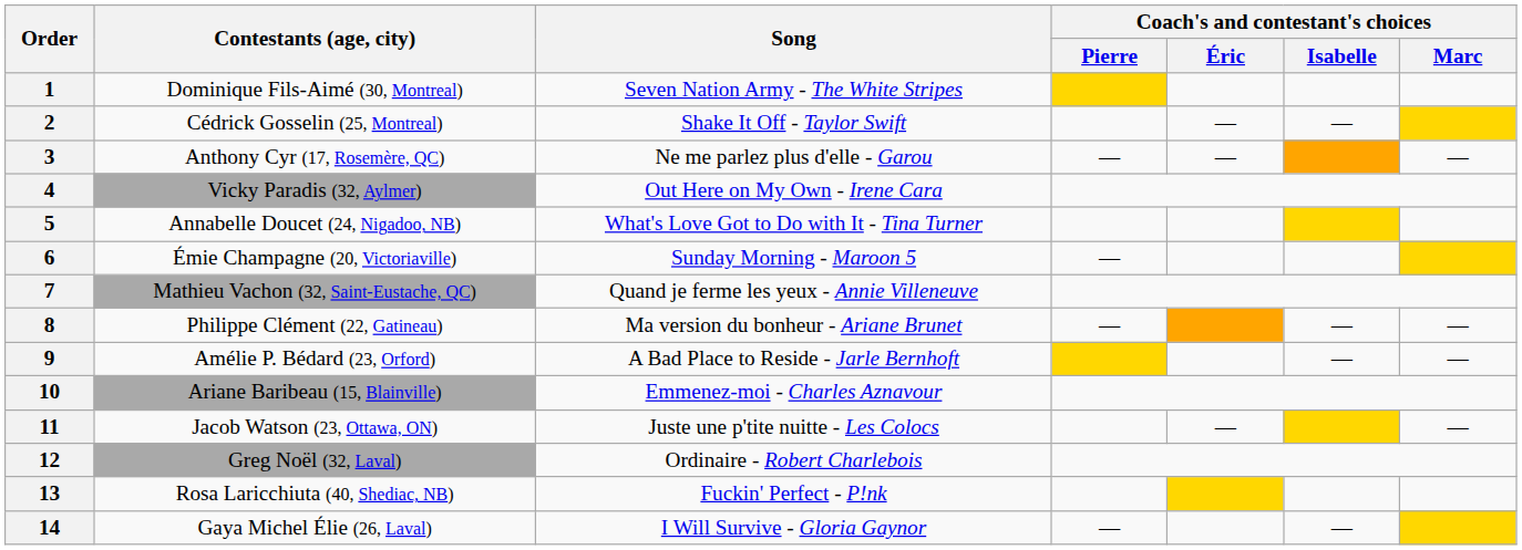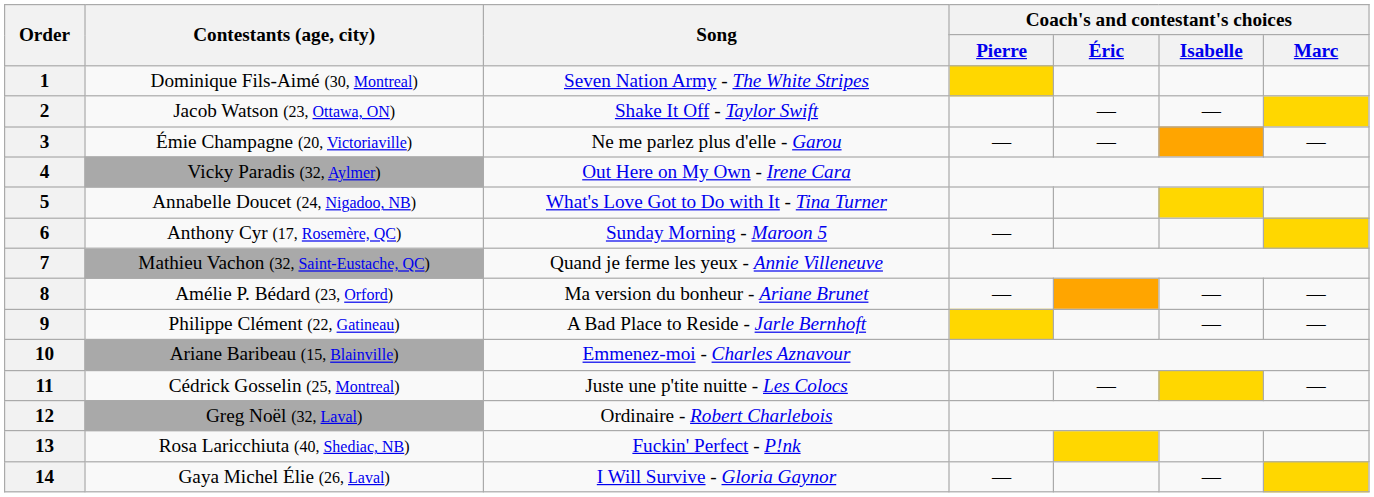 <table class="wikitable plainrowheaders"  style="text-align:center; width:90%;">
 <tr>
 <th scope="col" rowspan="2">Order</th>
 <th scope="col" rowspan="2">Contestants (age, city)</th>
 <th scope="col" rowspan="2">Song</th>
 <th colspan="4">Coach's and contestant's choices</th>
 </tr>
 <tr>
 <th style="width:5em;"><a href='#'>Pierre</a></th>
 <th style="width:5em;"><a href='#'>Éric</a></th>
 <th style="width:5em;"><a href='#'>Isabelle</a></th>
 <th style="width:5em;"><a href='#'>Marc</a></th>
 </tr>
 <tr>
 <th scope=col>1</th>
 <td>Dominique Fils-Aimé <small>(30, <a href='#'>Montreal</a>)</small></td>
 <td><a href='#'>Seven Nation Army</a> - <em><a href='#'>The White Stripes</a></em></td>
 <td style="background:gold;text-align:center;"></td>
 <td></td>
 <td></td>
 <td></td>
 </tr>
 <tr>
 <th scope=col>2</th>
-<td>Cédrick Gosselin <small>(25, <a href='#'>Montreal</a>)</small></td>
+<td>Jacob Watson <small>(23, <a href='#'>Ottawa, ON</a>)</small></td>
 <td><a href='#'>Shake It Off</a> - <em><a href='#'>Taylor Swift</a></em></td>
 <td></td>
 <td>—</td>
 <td>—</td>
 <td style="background:gold;text-align:center;"></td>
 </tr>
 <tr>
 <th scope=col>3</th>
-<td>Anthony Cyr <small>(17, <a href='#'>Rosemère, QC</a>)</small></td>
+<td>Émie Champagne <small>(20, <a href='#'>Victoriaville</a>)</small></td>
 <td>Ne me parlez plus d'elle - <em><a href='#'>Garou</a></em></td>
 <td>—</td>
 <td>—</td>
 <td style="background:orange;text-align:center;"></td>
 <td>—</td>
 </tr>
 <tr>
 <th scope=col>4</th>
 <td style="background:darkgrey;text-align:center;">Vicky Paradis <small>(32, <a href='#'>Aylmer</a>)</small></td>
 <td><a href='#'>Out Here on My Own</a> - <em><a href='#'>Irene Cara</a></em></td>
 <td colspan=4></td>
 </tr>
 <tr>
 <th scope=col>5</th>
 <td>Annabelle Doucet <small>(24, <a href='#'>Nigadoo, NB</a>)</small></td>
 <td><a href='#'>What's Love Got to Do with It</a> - <em><a href='#'>Tina Turner</a></em></td>
 <td></td>
 <td></td>
 <td style="background:gold;text-align:center;"></td>
 <td></td>
 </tr>
 <tr>
 <th scope=col>6</th>
-<td>Émie Champagne <small>(20, <a href='#'>Victoriaville</a>)</small></td>
+<td>Anthony Cyr <small>(17, <a href='#'>Rosemère, QC</a>)</small></td>
 <td><a href='#'>Sunday Morning</a> - <em><a href='#'>Maroon 5</a></em></td>
 <td>—</td>
 <td></td>
 <td></td>
 <td style="background:gold;text-align:center;"></td>
 </tr>
 <tr>
 <th scope=col>7</th>
 <td style="background:darkgrey;text-align:center;">Mathieu Vachon <small>(32, <a href='#'>Saint-Eustache, QC</a>)</small></td>
 <td>Quand je ferme les yeux - <em><a href='#'>Annie Villeneuve</a></em></td>
 <td colspan=4></td>
 </tr>
 <tr>
 <th scope=col>8</th>
-<td>Philippe Clément <small>(22, <a href='#'>Gatineau</a>)</small></td>
+<td>Amélie P. Bédard <small>(23, <a href='#'>Orford</a>)</small></td>
 <td>Ma version du bonheur - <em><a href='#'>Ariane Brunet</a></em></td>
 <td>—</td>
 <td style="background:orange;text-align:center;"></td>
 <td>—</td>
 <td>—</td>
 </tr>
 <tr>
 <th scope=col>9</th>
-<td>Amélie P. Bédard <small>(23, <a href='#'>Orford</a>)</small></td>
+<td>Philippe Clément <small>(22, <a href='#'>Gatineau</a>)</small></td>
 <td>A Bad Place to Reside - <em><a href='#'>Jarle Bernhoft</a></em></td>
 <td style="background:gold;text-align:center;"></td>
 <td></td>
 <td>—</td>
 <td>—</td>
 </tr>
 <tr>
 <th scope=col>10</th>
 <td style="background:darkgrey;text-align:center;">Ariane Baribeau <small>(15, <a href='#'>Blainville</a>)</small></td>
 <td><a href='#'>Emmenez-moi</a> - <em><a href='#'>Charles Aznavour</a></em></td>
 <td colspan=4></td>
 </tr>
 <tr>
 <th scope=col>11</th>
-<td>Jacob Watson <small>(23, <a href='#'>Ottawa, ON</a>)</small></td>
+<td>Cédrick Gosselin <small>(25, <a href='#'>Montreal</a>)</small></td>
 <td>Juste une p'tite nuitte - <em><a href='#'>Les Colocs</a></em></td>
 <td></td>
 <td>—</td>
 <td style="background:gold;text-align:center;"></td>
 <td>—</td>
 </tr>
 <tr>
 <th scope=col>12</th>
 <td style="background:darkgrey;text-align:center;">Greg Noël <small>(32, <a href='#'>Laval</a>)</small></td>
 <td>Ordinaire - <em><a href='#'>Robert Charlebois</a></em></td>
 <td colspan=4></td>
 </tr>
 <tr>
 <th scope=col>13</th>
 <td>Rosa Laricchiuta <small>(40, <a href='#'>Shediac, NB</a>)</small></td>
 <td><a href='#'>Fuckin' Perfect</a> - <em><a href='#'>P!nk</a></em></td>
 <td></td>
 <td style="background:gold;text-align:center;"></td>
 <td></td>
 <td></td>
 </tr>
 <tr>
 <th scope=col>14</th>
 <td>Gaya Michel Élie <small>(26, <a href='#'>Laval</a>)</small></td>
 <td><a href='#'>I Will Survive</a> - <em><a href='#'>Gloria Gaynor</a></em></td>
 <td>—</td>
 <td></td>
 <td>—</td>
 <td style="background:gold;text-align:center;"></td>
 </tr>
 </table>
